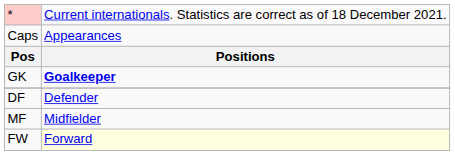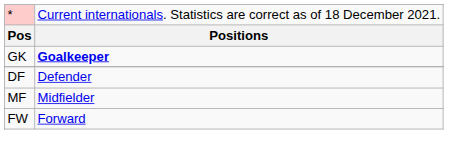 <table class="wikitable">
 <tr>
 <td style="background-color:#FFCCCC">*</td>
 <td><a href='#'>Current internationals</a>. Statistics are correct as of 18 December 2021.</td>
-</tr>
-<tr>
-<td>Caps</td>
-<td><a href='#'>Appearances</a></td>
 </tr>
 <tr>
 <th>Pos</th>
 <th style="align: left">Positions</th>
 </tr>
 <tr>
 <td>GK</td>
 <td><strong><a href='#'>Goalkeeper</a></strong></td>
 </tr>
 <tr>
 </tr>
 <tr>
 <td>DF</td>
 <td><a href='#'>Defender</a></td>
 </tr>
 <tr>
 <td>MF</td>
 <td><a href='#'>Midfielder</a></td>
 </tr>
 <tr>
 <td>FW</td>
-<td style="background: lightyellow;"><a href='#'>Forward</a></td>
+<td><a href='#'>Forward</a></td>
 </tr>
 </table>
